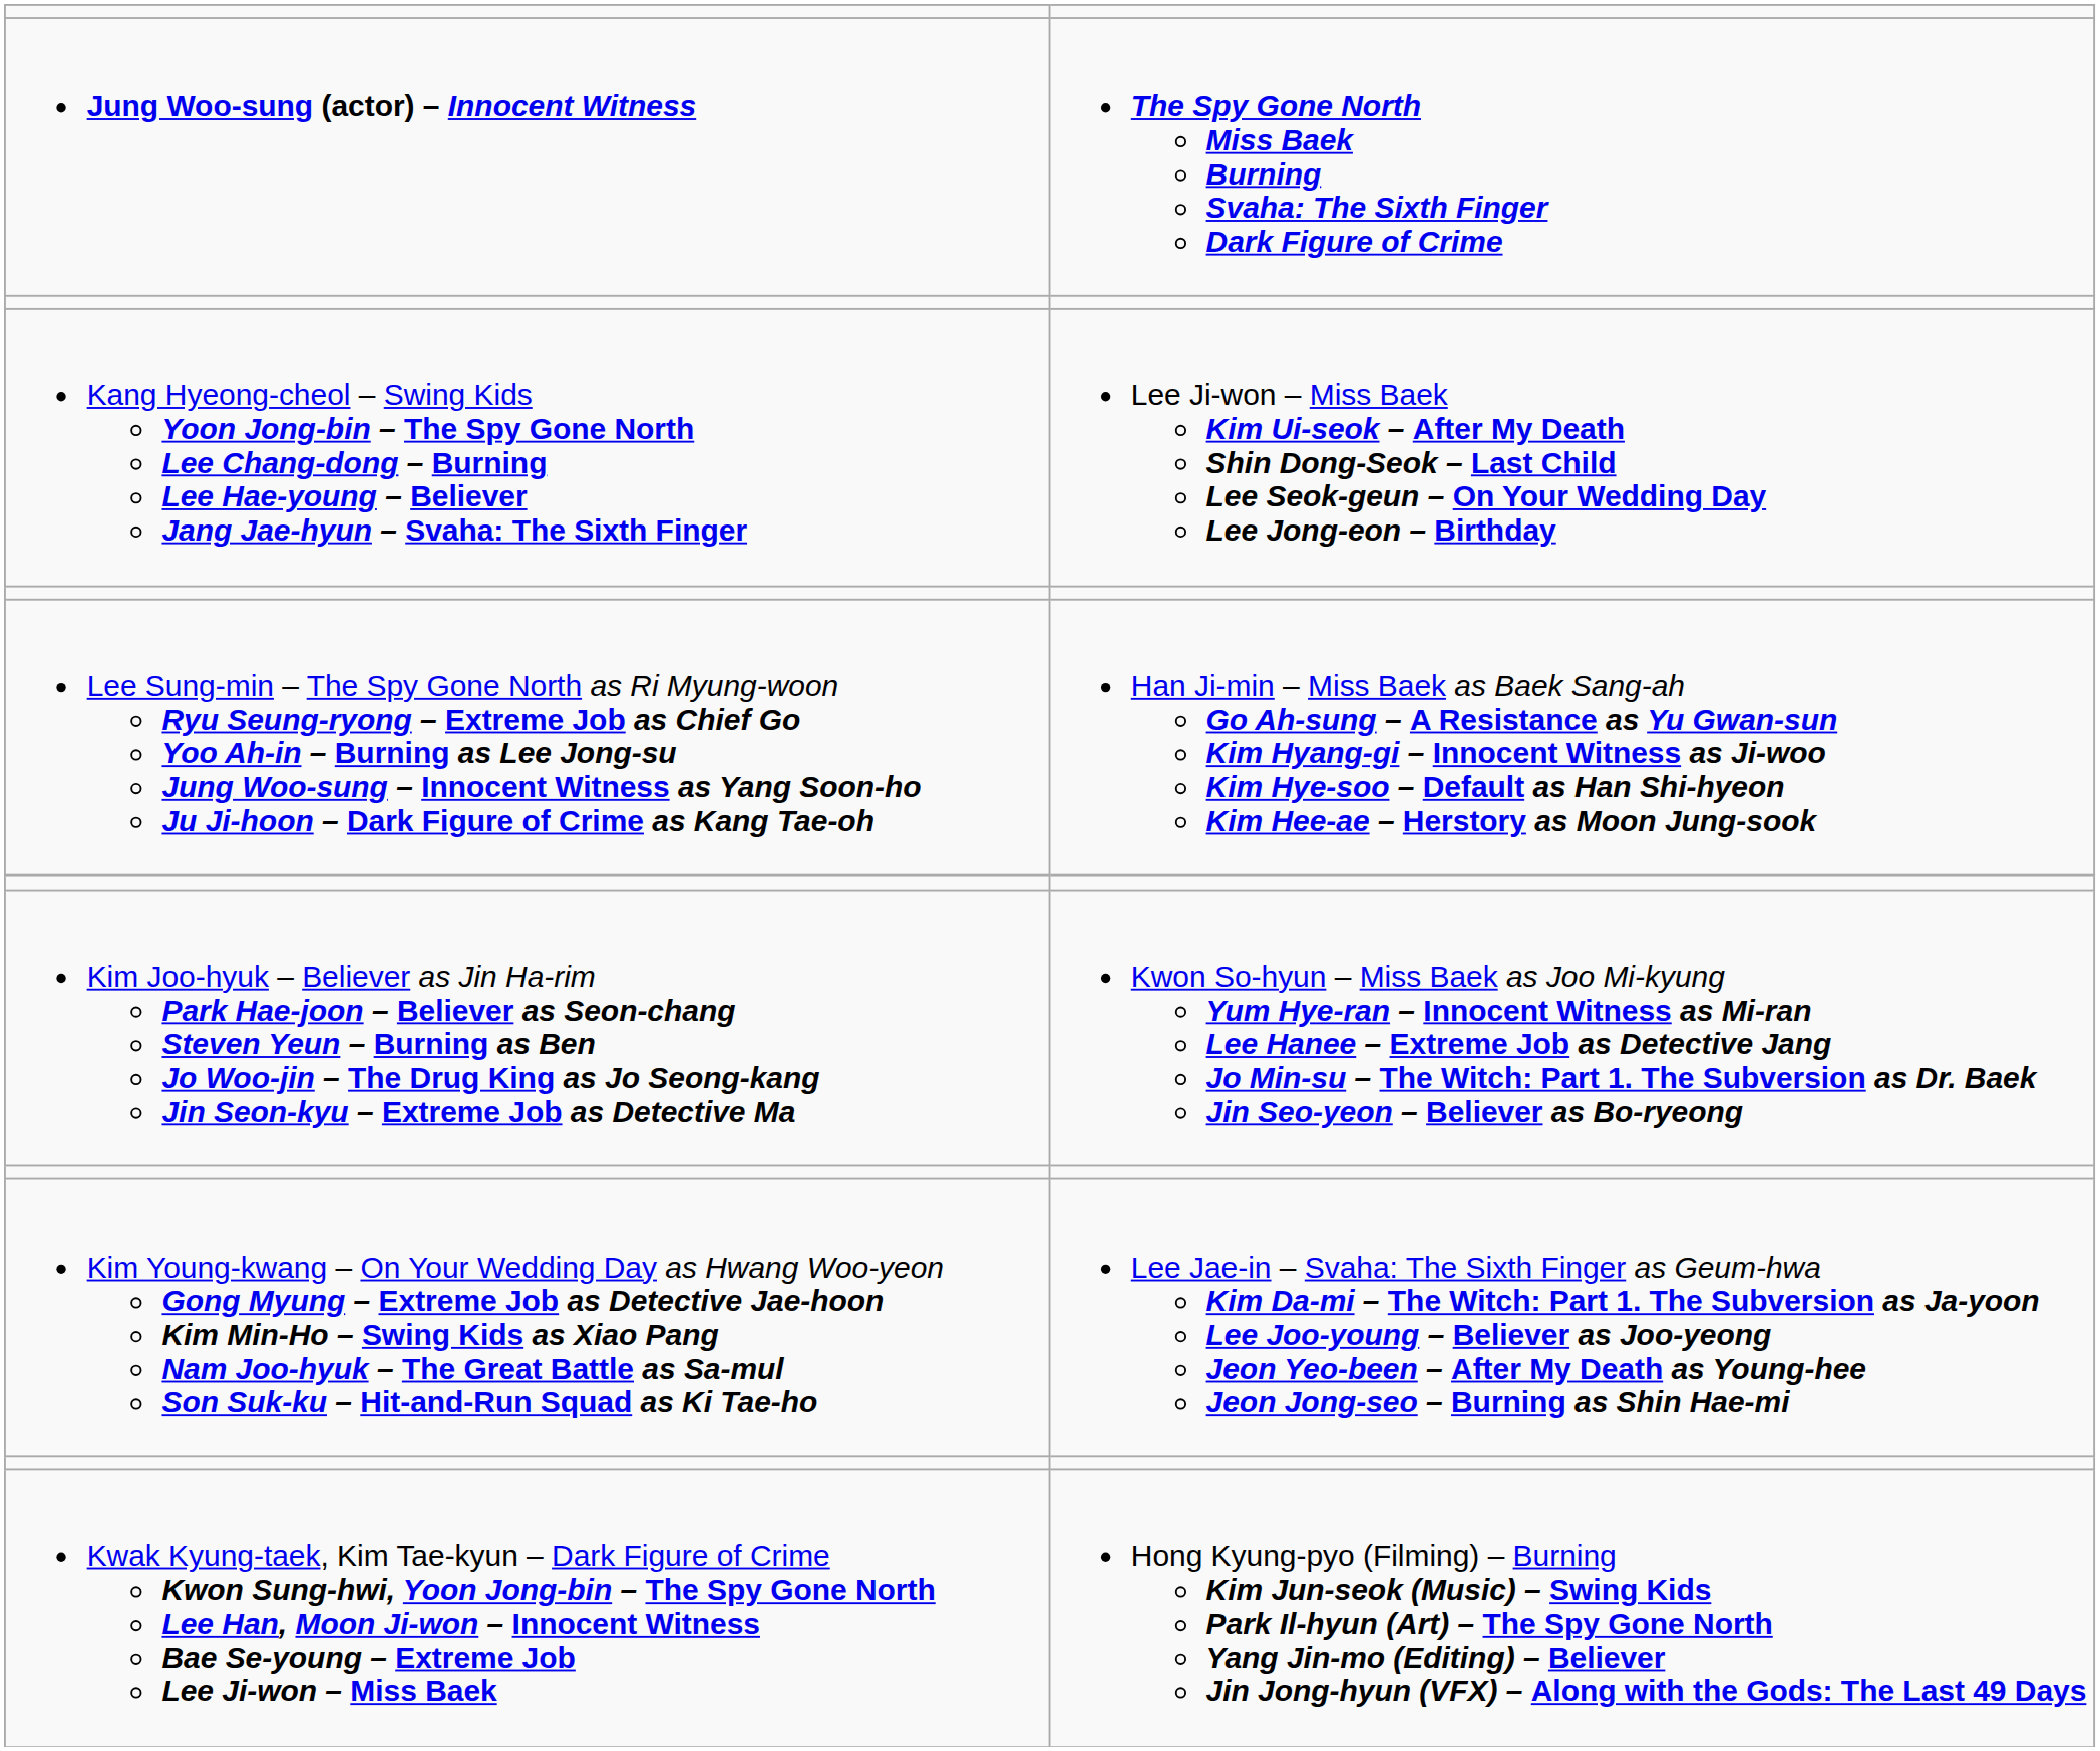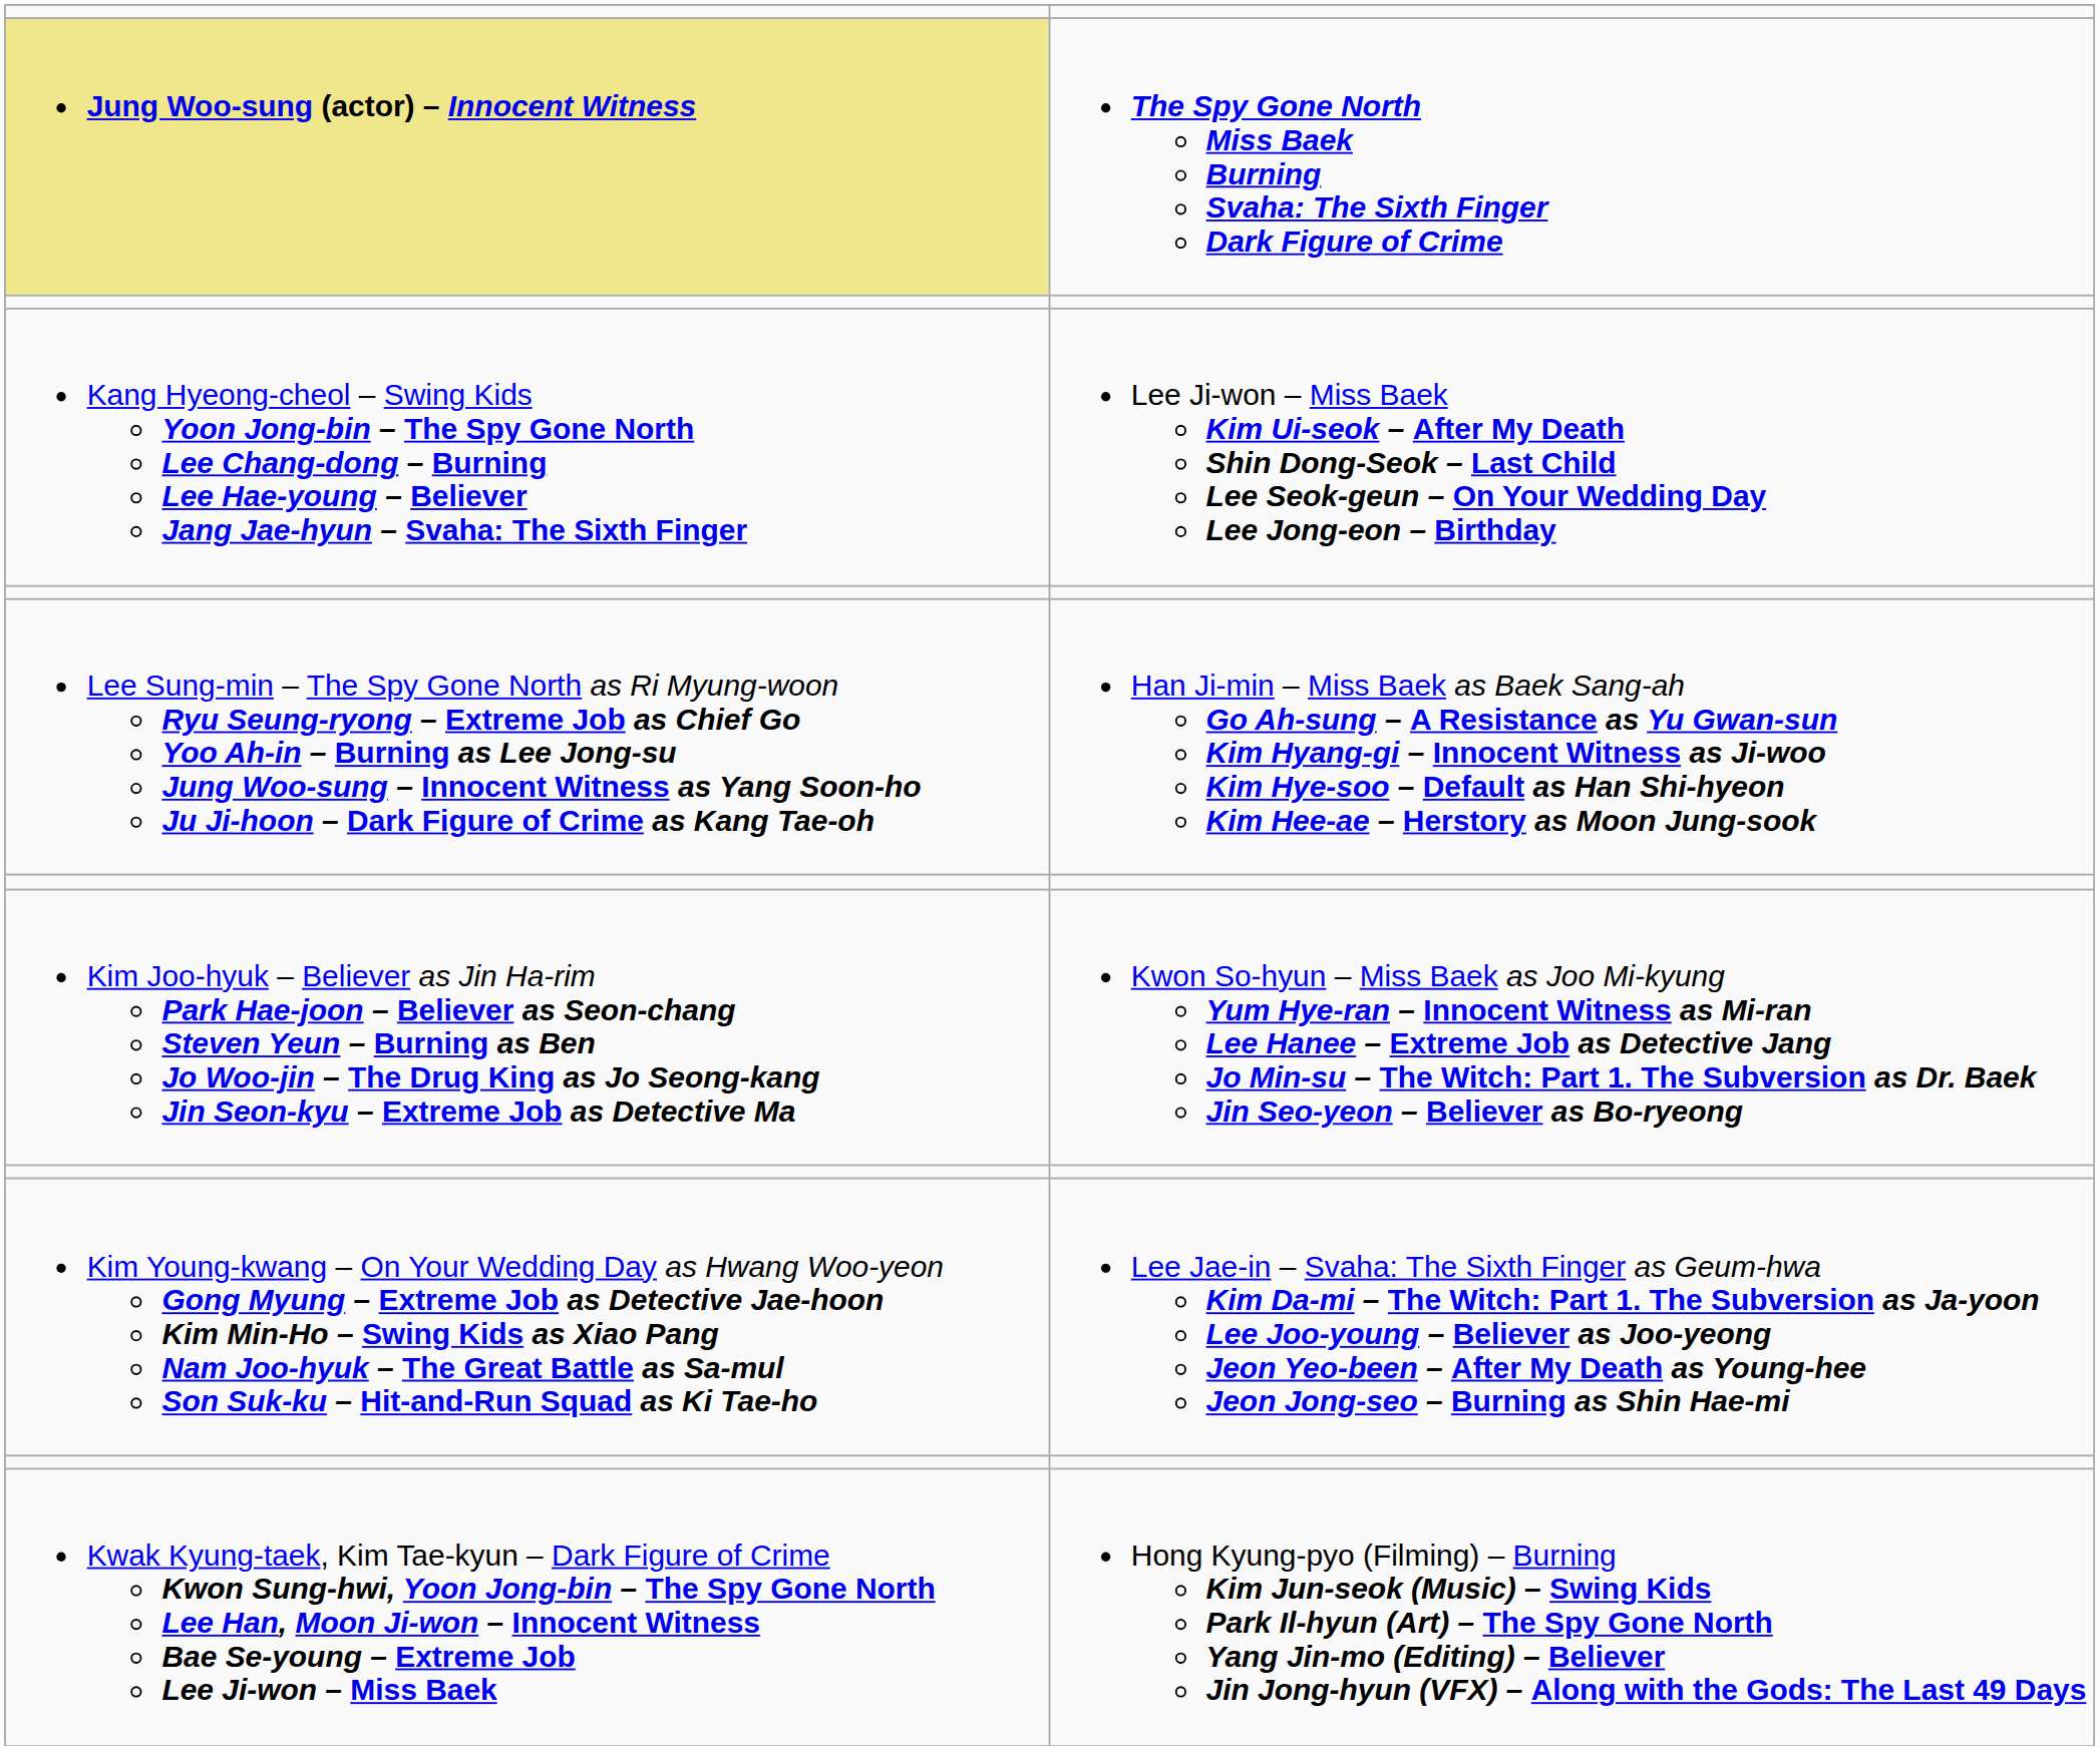 <table class="wikitable">
 <tr>
 <td style="vertical-align:top; width:50%;"></td>
 <td style="vertical-align:top; width:50%;"></td>
 </tr>
 <tr>
-<td style="vertical-align:top"><br><ul><li><strong><a href='#'>Jung Woo-sung</a> (actor) – <em><a href='#'>Innocent Witness</a></em> </strong></li></ul></td>
+<td style="background: khaki; vertical-align:top"><br><ul><li><strong><a href='#'>Jung Woo-sung</a> (actor) – <em><a href='#'>Innocent Witness</a></em> </strong></li></ul></td>
 <td style="vertical-align:top"><br><ul><li><strong><em><a href='#'>The Spy Gone North</a><em> <strong><ul><li></em><a href='#'>Miss Baek</a><em></li><li></em><a href='#'>Burning</a><em></li><li></em><a href='#'>Svaha: The Sixth Finger</a><em></li><li></em><a href='#'>Dark Figure of Crime</a><em></li></ul></li></ul></td>
 </tr>
 <tr>
 <td style="vertical-align:top; width:50%;"></td>
 <td style="vertical-align:top; width:50%;"></td>
 </tr>
 <tr>
 <td style="vertical-align:top"><br><ul><li></strong><a href='#'>Kang Hyeong-cheol</a> – </em><a href='#'>Swing Kids</a><em> <strong><ul><li><a href='#'>Yoon Jong-bin</a> – </em><a href='#'>The Spy Gone North</a><em></li><li><a href='#'>Lee Chang-dong</a> – </em><a href='#'>Burning</a><em></li><li><a href='#'>Lee Hae-young</a> – </em><a href='#'>Believer</a><em></li><li><a href='#'>Jang Jae-hyun</a> – </em><a href='#'>Svaha: The Sixth Finger</a><em></li></ul></li></ul></td>
 <td style="vertical-align:top"><br><ul><li></strong>Lee Ji-won – </em><a href='#'>Miss Baek</a><em> <strong><ul><li><a href='#'>Kim Ui-seok</a> – </em><a href='#'>After My Death</a><em></li><li>Shin Dong-Seok – </em><a href='#'>Last Child</a><em></li><li>Lee Seok-geun – </em><a href='#'>On Your Wedding Day</a><em></li><li>Lee Jong-eon – </em><a href='#'>Birthday</a><em></li></ul></li></ul></td>
 </tr>
 <tr>
 <td style="vertical-align:top; width:50%;"></td>
 <td style="vertical-align:top; width:50%;"></td>
 </tr>
 <tr>
 <td style="vertical-align:top"><br><ul><li></strong><a href='#'>Lee Sung-min</a> – </em><a href='#'>The Spy Gone North</a><em> as Ri Myung-woon <strong><ul><li><a href='#'>Ryu Seung-ryong</a> – </em><a href='#'>Extreme Job</a><em> as Chief Go</li><li><a href='#'>Yoo Ah-in</a> – </em><a href='#'>Burning</a><em> as Lee Jong-su</li><li><a href='#'>Jung Woo-sung</a> – </em><a href='#'>Innocent Witness</a><em> as Yang Soon-ho</li><li><a href='#'>Ju Ji-hoon</a> – </em><a href='#'>Dark Figure of Crime</a><em> as Kang Tae-oh</li></ul></li></ul></td>
 <td style="vertical-align:top"><br><ul><li></strong><a href='#'>Han Ji-min</a> – </em><a href='#'>Miss Baek</a><em> as Baek Sang-ah <strong><ul><li><a href='#'>Go Ah-sung</a> – </em><a href='#'>A Resistance</a><em> as <a href='#'>Yu Gwan-sun</a></li><li><a href='#'>Kim Hyang-gi</a> – </em><a href='#'>Innocent Witness</a><em> as Ji-woo</li><li><a href='#'>Kim Hye-soo</a> – </em><a href='#'>Default</a><em> as Han Shi-hyeon</li><li><a href='#'>Kim Hee-ae</a> – </em><a href='#'>Herstory</a><em> as Moon Jung-sook</li></ul></li></ul></td>
 </tr>
 <tr>
 <td style="vertical-align:top; width:50%;"></td>
 <td style="vertical-align:top; width:50%;"></td>
 </tr>
 <tr>
 <td style="vertical-align:top"><br><ul><li></strong><a href='#'>Kim Joo-hyuk</a> – </em><a href='#'>Believer</a><em> as Jin Ha-rim <strong><ul><li><a href='#'>Park Hae-joon</a> – </em><a href='#'>Believer</a><em> as Seon-chang</li><li><a href='#'>Steven Yeun</a> – </em><a href='#'>Burning</a><em> as Ben</li><li><a href='#'>Jo Woo-jin</a> – </em><a href='#'>The Drug King</a><em> as Jo Seong-kang</li><li><a href='#'>Jin Seon-kyu</a> – </em><a href='#'>Extreme Job</a><em> as Detective Ma</li></ul></li></ul></td>
 <td style="vertical-align:top"><br><ul><li></strong><a href='#'>Kwon So-hyun</a> – </em><a href='#'>Miss Baek</a><em> as Joo Mi-kyung <strong><ul><li><a href='#'>Yum Hye-ran</a> – </em><a href='#'>Innocent Witness</a><em> as Mi-ran</li><li><a href='#'>Lee Hanee</a> – </em><a href='#'>Extreme Job</a><em> as Detective Jang</li><li><a href='#'>Jo Min-su</a> – </em><a href='#'>The Witch: Part 1. The Subversion</a><em> as Dr. Baek</li><li><a href='#'>Jin Seo-yeon</a> – </em><a href='#'>Believer</a><em> as Bo-ryeong</li></ul></li></ul></td>
 </tr>
 <tr>
 <td style="vertical-align:top; width:50%;"></td>
 <td style="vertical-align:top; width:50%;"></td>
 </tr>
 <tr>
 <td style="vertical-align:top"><br><ul><li></strong><a href='#'>Kim Young-kwang</a> – </em><a href='#'>On Your Wedding Day</a><em> as Hwang Woo-yeon <strong><ul><li><a href='#'>Gong Myung</a> – </em><a href='#'>Extreme Job</a><em> as Detective Jae-hoon</li><li>Kim Min-Ho – </em><a href='#'>Swing Kids</a><em> as Xiao Pang</li><li><a href='#'>Nam Joo-hyuk</a> – </em><a href='#'>The Great Battle</a><em> as Sa-mul</li><li><a href='#'>Son Suk-ku</a> – </em><a href='#'>Hit-and-Run Squad</a><em> as Ki Tae-ho</li></ul></li></ul></td>
 <td style="vertical-align:top"><br><ul><li></strong><a href='#'>Lee Jae-in</a> – </em><a href='#'>Svaha: The Sixth Finger</a><em> as Geum-hwa <strong><ul><li><a href='#'>Kim Da-mi</a> – </em><a href='#'>The Witch: Part 1. The Subversion</a><em> as Ja-yoon</li><li><a href='#'>Lee Joo-young</a> – </em><a href='#'>Believer</a><em> as Joo-yeong</li><li><a href='#'>Jeon Yeo-been</a> – </em><a href='#'>After My Death</a><em> as Young‑hee</li><li><a href='#'>Jeon Jong-seo</a> – </em><a href='#'>Burning</a><em> as Shin Hae-mi</li></ul></li></ul></td>
 </tr>
 <tr>
 <td style="vertical-align:top; width:50%;"></td>
 <td style="vertical-align:top; width:50%;"></td>
 </tr>
 <tr>
 <td style="vertical-align:top"><br><ul><li></strong><a href='#'>Kwak Kyung-taek</a>, Kim Tae-kyun – </em><a href='#'>Dark Figure of Crime</a><em> <strong><ul><li>Kwon Sung-hwi, <a href='#'>Yoon Jong-bin</a> – </em><a href='#'>The Spy Gone North</a><em></li><li><a href='#'>Lee Han</a>, <a href='#'>Moon Ji-won</a> – </em><a href='#'>Innocent Witness</a><em></li><li>Bae Se-young – </em><a href='#'>Extreme Job</a><em></li><li>Lee Ji-won – </em><a href='#'>Miss Baek</a><em></li></ul></li></ul></td>
 <td style="vertical-align:top"><br><ul><li></strong>Hong Kyung-pyo (Filming) – </em><a href='#'>Burning</a><em> <strong><ul><li>Kim Jun-seok (Music) – </em><a href='#'>Swing Kids</a><em></li><li>Park Il-hyun (Art) – </em><a href='#'>The Spy Gone North</a><em></li><li>Yang Jin-mo (Editing) – </em><a href='#'>Believer</a><em></li><li>Jin Jong-hyun (VFX) – </em><a href='#'>Along with the Gods: The Last 49 Days</a><em></li></ul></li></ul></td>
 </tr>
 </table>
